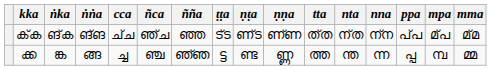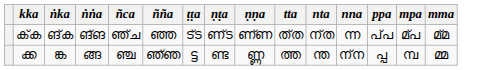 <table class="wikitable" lang="ml" style="text-align:center; margin-left:30px">
 <tr lang="en">
 <th> </th>
 <th><em>kka</em></th>
 <th><em>ṅka</em></th>
 <th><em>ṅṅa</em></th>
-<th><em>cca</em></th>
 <th><em>ñca</em></th>
 <th><em>ñña</em></th>
 <th><em>ṭṭa</em></th>
 <th><em>ṇṭa</em></th>
 <th><em>ṇṇa</em></th>
 <th><em>tta</em></th>
 <th><em>nta</em></th>
 <th><em>nna</em></th>
 <th><em>ppa</em></th>
 <th><em>mpa</em></th>
 <th><em>mma</em></th>
 </tr>
 <tr>
 <th></th>
 <td>ക്‌ക</td>
 <td>ങ്‌ക</td>
 <td>ങ്‌ങ</td>
-<td>ച്‌ച</td>
 <td>ഞ്‌ച</td>
 <td>ഞ്ഞ</td>
 <td>ട്‌ട</td>
 <td>ണ്‌ട</td>
 <td>ണ്‌ണ</td>
 <td>ത്‌ത</td>
 <td>ന്‌ത</td>
-<td>ന്‌ന</td>
+<td>ന്ന</td>
 <td>പ്‌പ</td>
 <td>മ്‌പ</td>
 <td>മ്‌മ</td>
 </tr>
 <tr>
 <th></th>
 <td>ക്ക</td>
 <td>ങ്ക</td>
 <td>ങ്ങ</td>
-<td>ച്ച</td>
 <td>ഞ്ച</td>
 <td>ഞ്‌ഞ</td>
 <td>ട്ട</td>
 <td>ണ്ട</td>
 <td>ണ്ണ</td>
 <td>ത്ത</td>
 <td>ന്ത</td>
-<td>ന്ന</td>
+<td>ന്‌ന</td>
 <td>പ്പ</td>
 <td>മ്പ</td>
 <td>മ്മ</td>
 </tr>
 </table>
